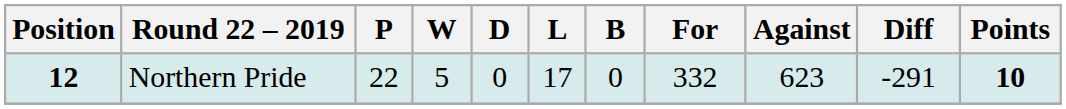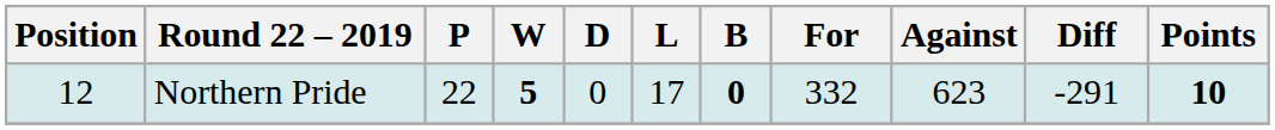 <table class="wikitable" style="text-align:center; font-size:85%;">
 <tr style="background: #d7ebed;">
 <th width="40" abbr="Position">Position</th>
 <th width="100">Round 22 – 2019</th>
 <th width="20" abbr="Played">P</th>
 <th width="20" abbr="Won">W</th>
 <th width="20" abbr="Drawn">D</th>
 <th width="20" abbr="Lost">L</th>
 <th width="20" abbr="Bye">B</th>
 <th width="40" abbr="Points for">For</th>
 <th width="40" abbr="Points against">Against</th>
 <th width="40" abbr="Points difference">Diff</th>
 <th width="40" abbr="Points">Points</th>
 </tr>
 <tr style="background: #d7ebed;">
-<td><strong>12</strong></td>
+<td>12</td>
 <td style="text-align:left;"> Northern Pride</td>
 <td>22</td>
-<td>5</td>
+<td><strong>5</strong></td>
 <td>0</td>
 <td>17</td>
-<td>0</td>
+<td><strong>0</strong></td>
 <td>332</td>
 <td>623</td>
 <td>-291</td>
 <td><strong>10</strong></td>
 </tr>
 <tr>
 </tr>
 </table>
